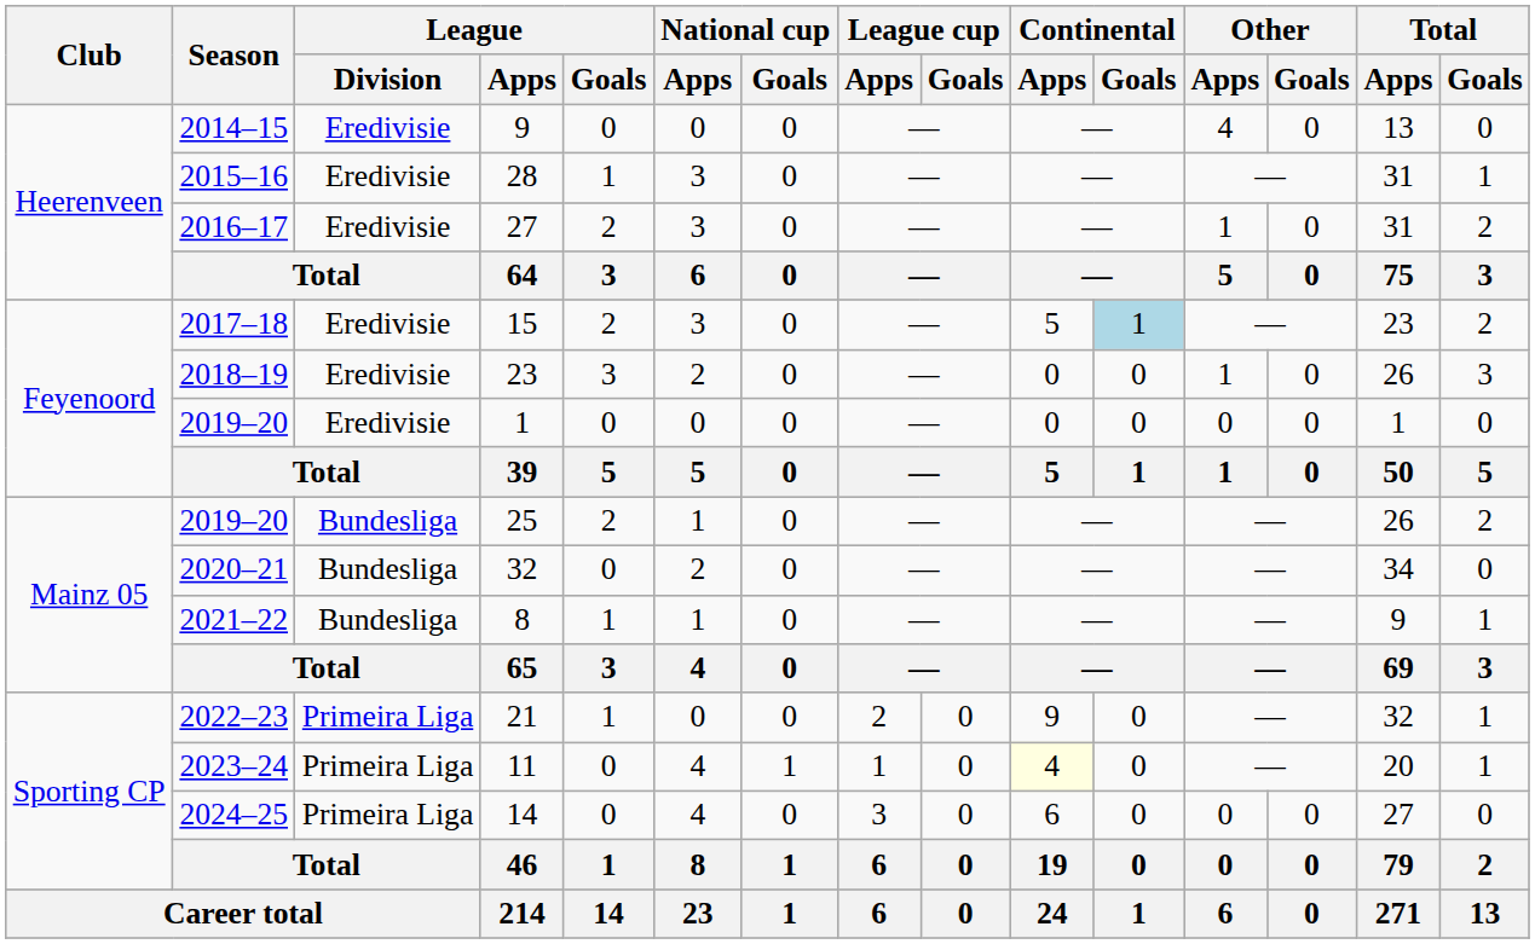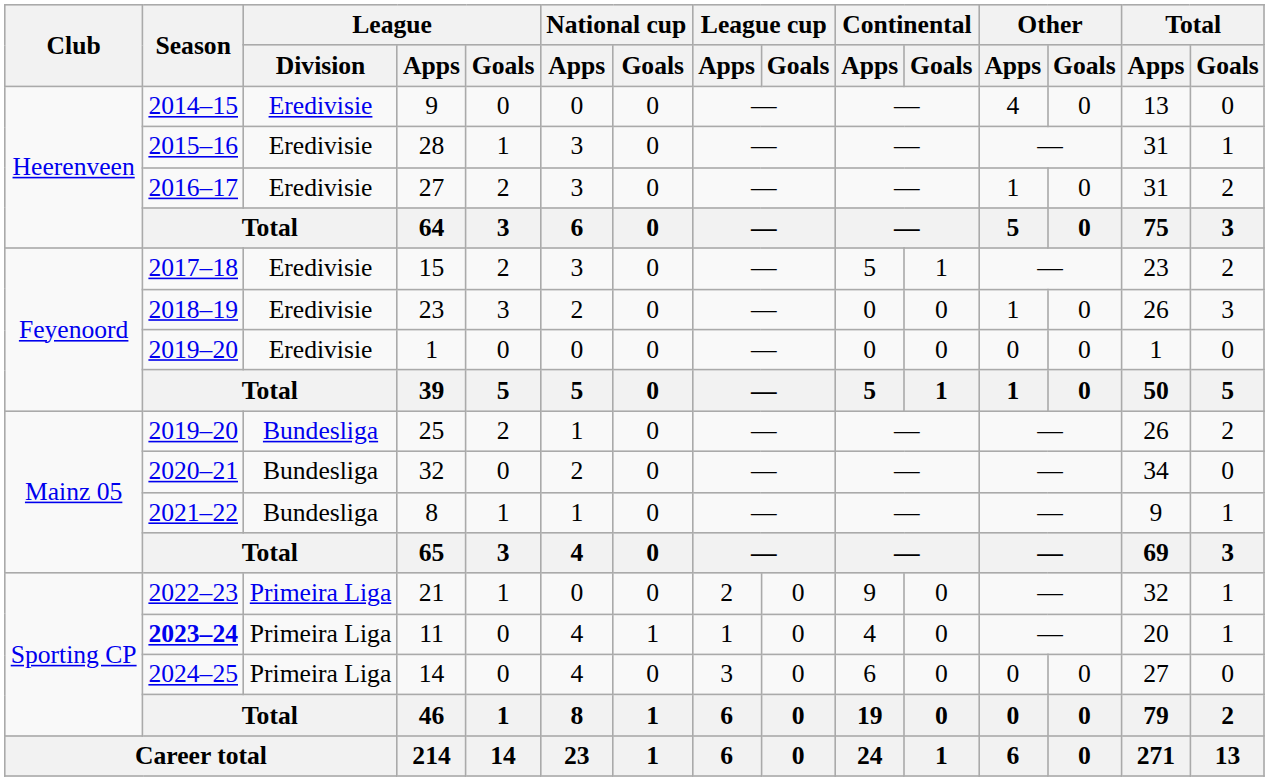 <table class="wikitable" style="text-align:center">
 <tr>
 <th rowspan="2">Club</th>
 <th rowspan="2">Season</th>
 <th colspan="3">League</th>
 <th colspan="2">National cup</th>
 <th colspan="2">League cup</th>
 <th colspan="2">Continental</th>
 <th colspan="2">Other</th>
 <th colspan="2">Total</th>
 </tr>
 <tr>
 <th>Division</th>
 <th>Apps</th>
 <th>Goals</th>
 <th>Apps</th>
 <th>Goals</th>
 <th>Apps</th>
 <th>Goals</th>
 <th>Apps</th>
 <th>Goals</th>
 <th>Apps</th>
 <th>Goals</th>
 <th>Apps</th>
 <th>Goals</th>
 </tr>
 <tr>
 <td rowspan="4"><a href='#'>Heerenveen</a></td>
 <td><a href='#'>2014–15</a></td>
 <td><a href='#'>Eredivisie</a></td>
 <td>9</td>
 <td>0</td>
 <td>0</td>
 <td>0</td>
 <td colspan="2">—</td>
 <td colspan="2">—</td>
 <td>4</td>
 <td>0</td>
 <td>13</td>
 <td>0</td>
 </tr>
 <tr>
 <td><a href='#'>2015–16</a></td>
 <td>Eredivisie</td>
 <td>28</td>
 <td>1</td>
 <td>3</td>
 <td>0</td>
 <td colspan="2">—</td>
 <td colspan="2">—</td>
 <td colspan="2">—</td>
 <td>31</td>
 <td>1</td>
 </tr>
 <tr>
 <td><a href='#'>2016–17</a></td>
 <td>Eredivisie</td>
 <td>27</td>
 <td>2</td>
 <td>3</td>
 <td>0</td>
 <td colspan="2">—</td>
 <td colspan="2">—</td>
 <td>1</td>
 <td>0</td>
 <td>31</td>
 <td>2</td>
 </tr>
 <tr>
 <th colspan="2">Total</th>
 <th>64</th>
 <th>3</th>
 <th>6</th>
 <th>0</th>
 <th colspan="2">—</th>
 <th colspan="2">—</th>
 <th>5</th>
 <th>0</th>
 <th>75</th>
 <th>3</th>
 </tr>
 <tr>
 <td rowspan="4"><a href='#'>Feyenoord</a></td>
 <td><a href='#'>2017–18</a></td>
 <td>Eredivisie</td>
 <td>15</td>
 <td>2</td>
 <td>3</td>
 <td>0</td>
 <td colspan="2">—</td>
 <td>5</td>
-<td style="background: lightblue;">1</td>
+<td>1</td>
 <td colspan="2">—</td>
 <td>23</td>
 <td>2</td>
 </tr>
 <tr>
 <td><a href='#'>2018–19</a></td>
 <td>Eredivisie</td>
 <td>23</td>
 <td>3</td>
 <td>2</td>
 <td>0</td>
 <td colspan="2">—</td>
 <td>0</td>
 <td>0</td>
 <td>1</td>
 <td>0</td>
 <td>26</td>
 <td>3</td>
 </tr>
 <tr>
 <td><a href='#'>2019–20</a></td>
 <td>Eredivisie</td>
 <td>1</td>
 <td>0</td>
 <td>0</td>
 <td>0</td>
 <td colspan="2">—</td>
 <td>0</td>
 <td>0</td>
 <td>0</td>
 <td>0</td>
 <td>1</td>
 <td>0</td>
 </tr>
 <tr>
 <th colspan="2">Total</th>
 <th>39</th>
 <th>5</th>
 <th>5</th>
 <th>0</th>
 <th colspan="2">—</th>
 <th>5</th>
 <th>1</th>
 <th>1</th>
 <th>0</th>
 <th>50</th>
 <th>5</th>
 </tr>
 <tr>
 <td rowspan="4"><a href='#'>Mainz 05</a></td>
 <td><a href='#'>2019–20</a></td>
 <td><a href='#'>Bundesliga</a></td>
 <td>25</td>
 <td>2</td>
 <td>1</td>
 <td>0</td>
 <td colspan="2">—</td>
 <td colspan="2">—</td>
 <td colspan="2">—</td>
 <td>26</td>
 <td>2</td>
 </tr>
 <tr>
 <td><a href='#'>2020–21</a></td>
 <td>Bundesliga</td>
 <td>32</td>
 <td>0</td>
 <td>2</td>
 <td>0</td>
 <td colspan="2">—</td>
 <td colspan="2">—</td>
 <td colspan="2">—</td>
 <td>34</td>
 <td>0</td>
 </tr>
 <tr>
 <td><a href='#'>2021–22</a></td>
 <td>Bundesliga</td>
 <td>8</td>
 <td>1</td>
 <td>1</td>
 <td>0</td>
 <td colspan="2">—</td>
 <td colspan="2">—</td>
 <td colspan="2">—</td>
 <td>9</td>
 <td>1</td>
 </tr>
 <tr>
 <th colspan="2">Total</th>
 <th>65</th>
 <th>3</th>
 <th>4</th>
 <th>0</th>
 <th colspan="2">—</th>
 <th colspan="2">—</th>
 <th colspan="2">—</th>
 <th>69</th>
 <th>3</th>
 </tr>
 <tr>
 <td rowspan="4"><a href='#'>Sporting CP</a></td>
 <td><a href='#'>2022–23</a></td>
 <td><a href='#'>Primeira Liga</a></td>
 <td>21</td>
 <td>1</td>
 <td>0</td>
 <td>0</td>
 <td>2</td>
 <td>0</td>
 <td>9</td>
 <td>0</td>
 <td colspan="2">—</td>
 <td>32</td>
 <td>1</td>
 </tr>
 <tr>
-<td><a href='#'>2023–24</a></td>
+<td><strong><a href='#'>2023–24</a></strong></td>
 <td>Primeira Liga</td>
 <td>11</td>
 <td>0</td>
 <td>4</td>
 <td>1</td>
 <td>1</td>
 <td>0</td>
-<td style="background: lightyellow;">4</td>
+<td>4</td>
 <td>0</td>
 <td colspan="2">—</td>
 <td>20</td>
 <td>1</td>
 </tr>
 <tr>
 <td><a href='#'>2024–25</a></td>
 <td>Primeira Liga</td>
 <td>14</td>
 <td>0</td>
 <td>4</td>
 <td>0</td>
 <td>3</td>
 <td>0</td>
 <td>6</td>
 <td>0</td>
 <td>0</td>
 <td>0</td>
 <td>27</td>
 <td>0</td>
 </tr>
 <tr>
 <th colspan="2">Total</th>
 <th>46</th>
 <th>1</th>
 <th>8</th>
 <th>1</th>
 <th>6</th>
 <th>0</th>
 <th>19</th>
 <th>0</th>
 <th>0</th>
 <th>0</th>
 <th>79</th>
 <th>2</th>
 </tr>
 <tr>
 <th colspan="3">Career total</th>
 <th>214</th>
 <th>14</th>
 <th>23</th>
 <th>1</th>
 <th>6</th>
 <th>0</th>
 <th>24</th>
 <th>1</th>
 <th>6</th>
 <th>0</th>
 <th>271</th>
 <th>13</th>
 </tr>
 </table>
